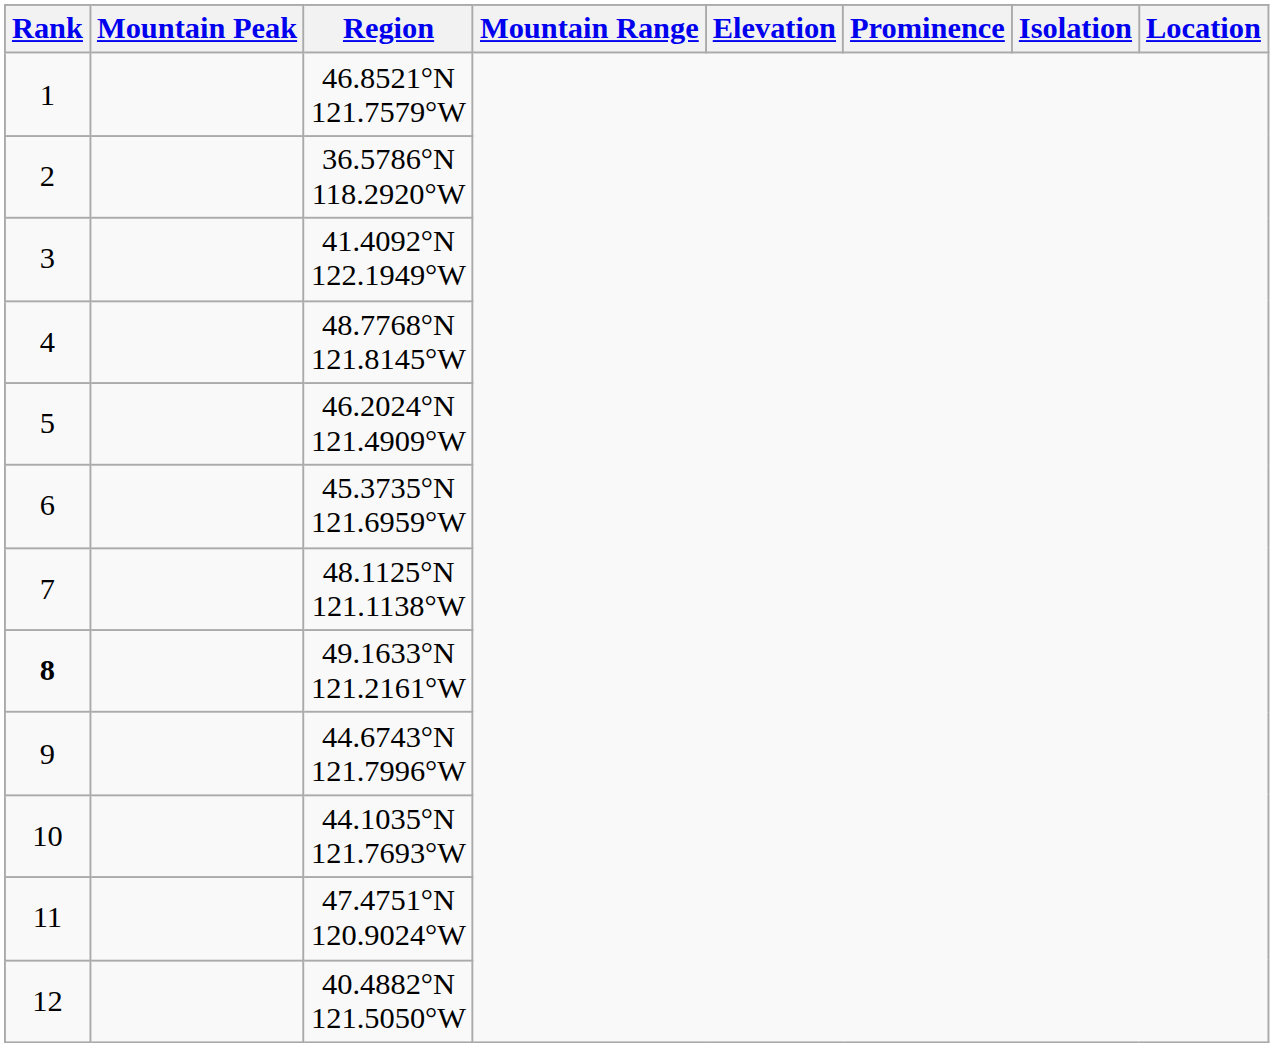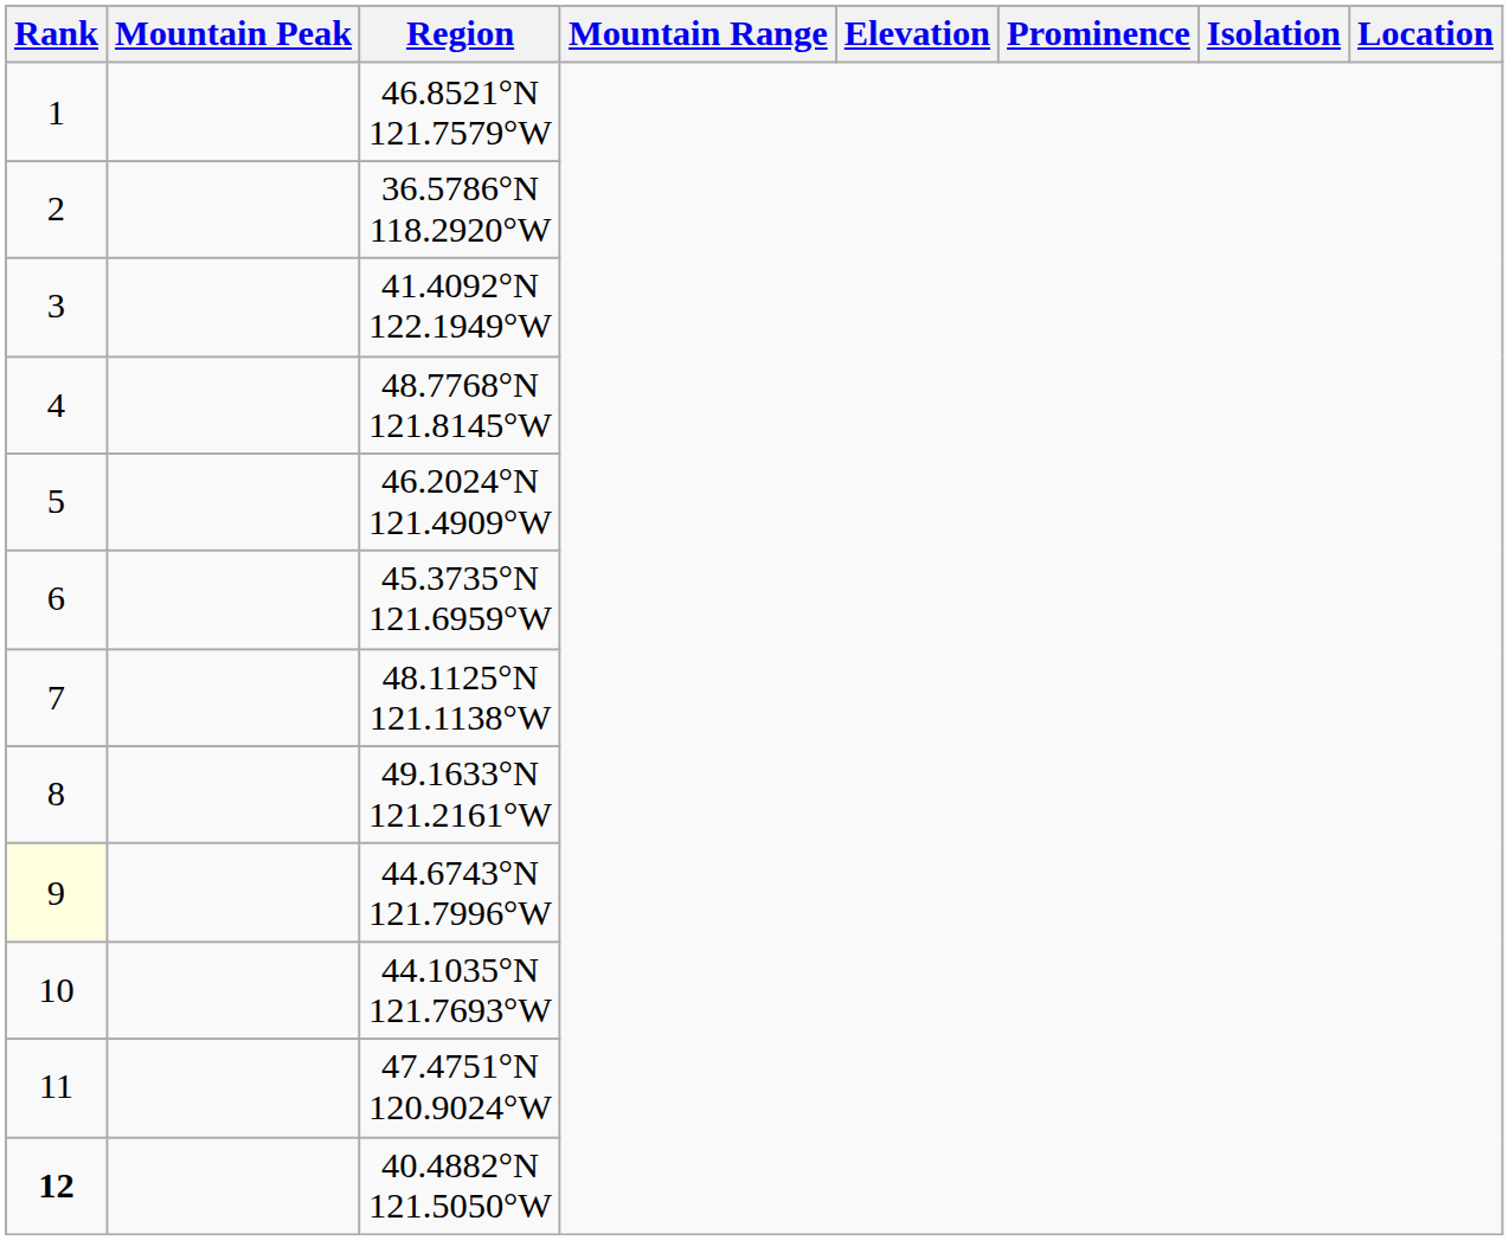 <table class="wikitable sortable">
 <tr>
 <th><a href='#'>Rank</a></th>
 <th><a href='#'>Mountain Peak</a></th>
 <th><a href='#'>Region</a></th>
 <th><a href='#'>Mountain Range</a></th>
 <th><a href='#'>Elevation</a></th>
 <th><a href='#'>Prominence</a></th>
 <th><a href='#'>Isolation</a></th>
 <th><a href='#'>Location</a></th>
 </tr>
 <tr>
 <td align=center>1<br></td>
 <td><br> </td>
 <td align=center>46.8521°N<br>121.7579°W</td>
 </tr>
 <tr>
 <td align=center>2<br></td>
 <td><br> </td>
 <td align=center>36.5786°N<br>118.2920°W</td>
 </tr>
 <tr>
 <td align=center>3<br></td>
 <td><br> </td>
 <td align=center>41.4092°N<br>122.1949°W</td>
 </tr>
 <tr>
 <td align=center>4<br></td>
 <td><br> </td>
 <td align=center>48.7768°N<br>121.8145°W</td>
 </tr>
 <tr>
 <td align=center>5<br></td>
 <td><br> </td>
 <td align=center>46.2024°N<br>121.4909°W</td>
 </tr>
 <tr>
 <td align=center>6<br></td>
 <td><br> </td>
 <td align=center>45.3735°N<br>121.6959°W</td>
 </tr>
 <tr>
 <td align=center>7<br></td>
 <td><br> </td>
 <td align=center>48.1125°N<br>121.1138°W</td>
 </tr>
 <tr>
-<td align=center><strong>8<br></strong></td>
+<td align=center>8<br></td>
 <td><br> </td>
 <td align=center>49.1633°N<br>121.2161°W</td>
 </tr>
 <tr>
-<td align=center>9<br></td>
+<td align=center style="background: lightyellow;">9<br></td>
 <td><br> </td>
 <td align=center>44.6743°N<br>121.7996°W</td>
 </tr>
 <tr>
 <td align=center>10<br></td>
 <td><br> </td>
 <td align=center>44.1035°N<br>121.7693°W</td>
 </tr>
 <tr>
 <td align=center>11<br></td>
 <td><br> </td>
 <td align=center>47.4751°N<br>120.9024°W</td>
 </tr>
 <tr>
-<td align=center>12<br></td>
+<td align=center><strong>12<br></strong></td>
 <td><br> </td>
 <td align=center>40.4882°N<br>121.5050°W</td>
 </tr>
 </table>
